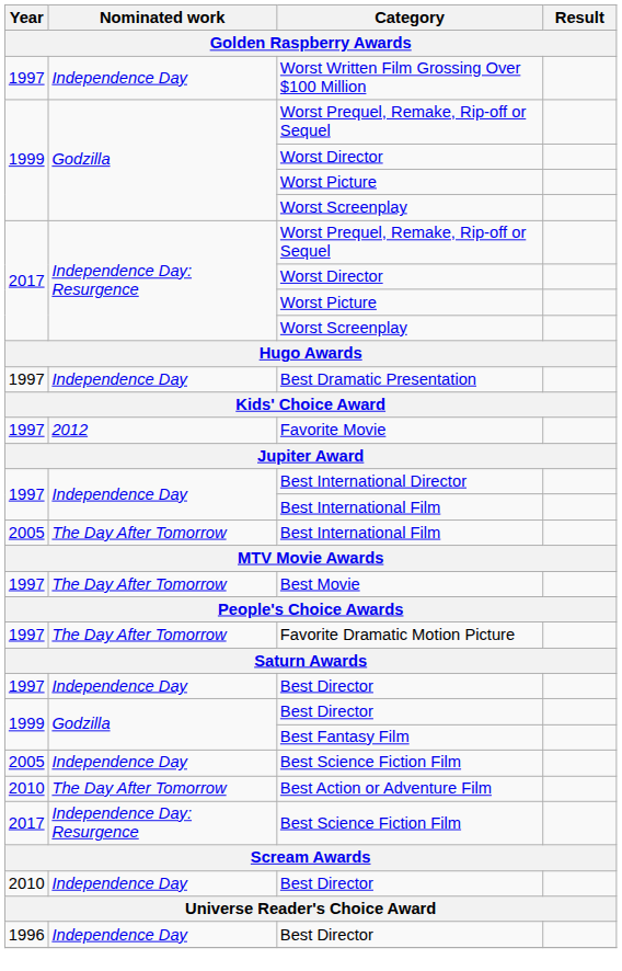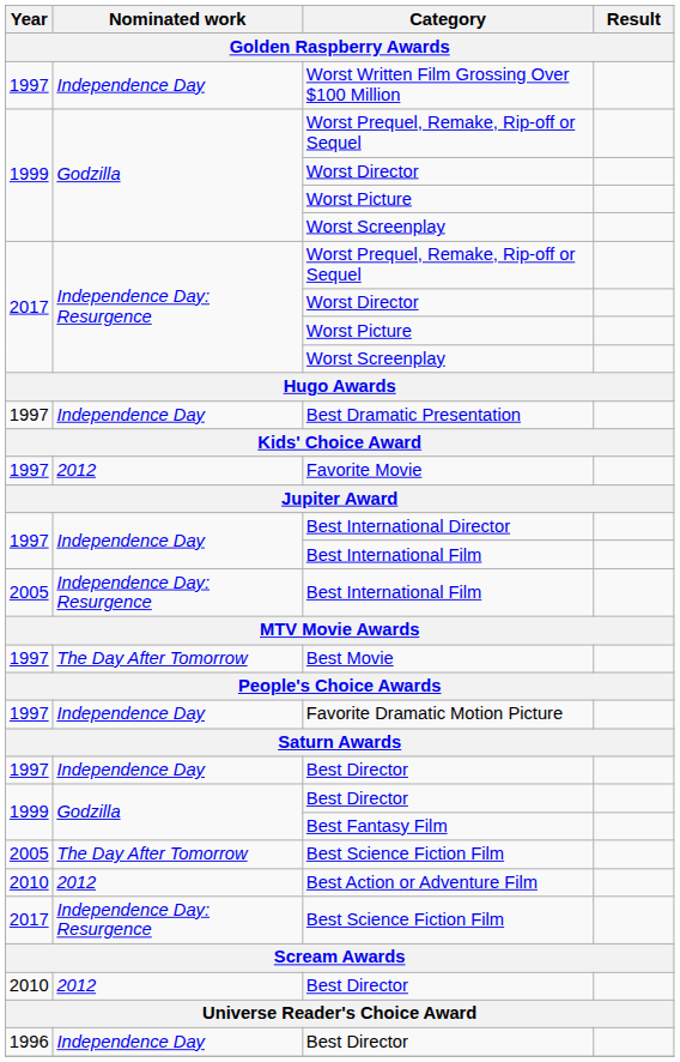 <table class="wikitable">
 <tr>
 <th scope="col" style="width:1em;">Year</th>
 <th scope="col" style="width:20em;">Nominated work</th>
 <th scope="col" style="width:25em;">Category</th>
 <th scope="col" style="width:5em;">Result</th>
 </tr>
 <tr>
 <th scope="col" colspan="6"><a href='#'>Golden Raspberry Awards</a></th>
 </tr>
 <tr>
 <td><a href='#'>1997</a></td>
 <td><em><a href='#'>Independence Day</a></em></td>
 <td><a href='#'>Worst Written Film Grossing Over $100 Million</a></td>
 <td></td>
 </tr>
 <tr>
 <td rowspan="4"><a href='#'>1999</a></td>
 <td rowspan="4"><em><a href='#'>Godzilla</a></em></td>
 <td><a href='#'>Worst Prequel, Remake, Rip-off or Sequel</a></td>
 <td></td>
 </tr>
 <tr>
 <td><a href='#'>Worst Director</a></td>
 <td></td>
 </tr>
 <tr>
 <td><a href='#'>Worst Picture</a></td>
 <td></td>
 </tr>
 <tr>
 <td><a href='#'>Worst Screenplay</a></td>
 <td></td>
 </tr>
 <tr>
 <td rowspan="4"><a href='#'>2017</a></td>
 <td rowspan="4"><em><a href='#'>Independence Day: Resurgence</a></em></td>
 <td><a href='#'>Worst Prequel, Remake, Rip-off or Sequel</a></td>
 <td></td>
 </tr>
 <tr>
 <td><a href='#'>Worst Director</a></td>
 <td></td>
 </tr>
 <tr>
 <td><a href='#'>Worst Picture</a></td>
 <td></td>
 </tr>
 <tr>
 <td><a href='#'>Worst Screenplay</a></td>
 <td></td>
 </tr>
 <tr>
 <th scope="col" colspan="6"><a href='#'>Hugo Awards</a></th>
 </tr>
 <tr>
 <td>1997</td>
 <td><em><a href='#'>Independence Day</a></em></td>
 <td><a href='#'>Best Dramatic Presentation</a></td>
 <td></td>
 </tr>
 <tr>
 <th scope="col" colspan="6"><a href='#'>Kids' Choice Award</a></th>
 </tr>
 <tr>
 <td><a href='#'>1997</a></td>
 <td><em><a href='#'>2012</a></em></td>
 <td><a href='#'>Favorite Movie</a></td>
 <td></td>
 </tr>
 <tr>
 <th scope="col" colspan="6"><a href='#'>Jupiter Award</a></th>
 </tr>
 <tr>
 <td rowspan="2"><a href='#'>1997</a></td>
 <td rowspan="2"><em><a href='#'>Independence Day</a></em></td>
 <td><a href='#'>Best International Director</a></td>
 <td></td>
 </tr>
 <tr>
 <td><a href='#'>Best International Film</a></td>
 <td></td>
 </tr>
 <tr>
 <td><a href='#'>2005</a></td>
-<td><em><a href='#'>The Day After Tomorrow</a></em></td>
+<td><em><a href='#'>Independence Day: Resurgence</a></em></td>
 <td><a href='#'>Best International Film</a></td>
 <td></td>
 </tr>
 <tr>
 <th scope="col" colspan="6"><a href='#'>MTV Movie Awards</a></th>
 </tr>
 <tr>
 <td><a href='#'>1997</a></td>
 <td><em><a href='#'>The Day After Tomorrow</a></em></td>
 <td><a href='#'>Best Movie</a></td>
 <td></td>
 </tr>
 <tr>
 <th scope="col" colspan="6"><a href='#'>People's Choice Awards</a></th>
 </tr>
 <tr>
 <td><a href='#'>1997</a></td>
-<td><em><a href='#'>The Day After Tomorrow</a></em></td>
+<td><em><a href='#'>Independence Day</a></em></td>
 <td>Favorite Dramatic Motion Picture</td>
 <td></td>
 </tr>
 <tr>
 <th scope="col" colspan="6"><a href='#'>Saturn Awards</a></th>
 </tr>
 <tr>
 <td><a href='#'>1997</a></td>
 <td><em><a href='#'>Independence Day</a></em></td>
 <td><a href='#'>Best Director</a></td>
 <td></td>
 </tr>
 <tr>
 <td rowspan="2"><a href='#'>1999</a></td>
 <td rowspan="2"><em><a href='#'>Godzilla</a></em></td>
 <td><a href='#'>Best Director</a></td>
 <td></td>
 </tr>
 <tr>
 <td><a href='#'>Best Fantasy Film</a></td>
 <td></td>
 </tr>
 <tr>
 <td><a href='#'>2005</a></td>
-<td><em><a href='#'>Independence Day</a></em></td>
+<td><em><a href='#'>The Day After Tomorrow</a></em></td>
 <td><a href='#'>Best Science Fiction Film</a></td>
 <td></td>
 </tr>
 <tr>
 <td><a href='#'>2010</a></td>
-<td><em><a href='#'>The Day After Tomorrow</a></em></td>
+<td><em><a href='#'>2012</a></em></td>
 <td><a href='#'>Best Action or Adventure Film</a></td>
 <td></td>
 </tr>
 <tr>
 <td><a href='#'>2017</a></td>
 <td><em><a href='#'>Independence Day: Resurgence</a></em></td>
 <td><a href='#'>Best Science Fiction Film</a></td>
 <td></td>
 </tr>
 <tr>
 <th scope="col" colspan="6"><a href='#'>Scream Awards</a></th>
 </tr>
 <tr>
 <td>2010</td>
-<td><em><a href='#'>Independence Day</a></em></td>
+<td><em><a href='#'>2012</a></em></td>
 <td><a href='#'>Best Director</a></td>
 <td></td>
 </tr>
 <tr>
 <th scope="col" colspan="6">Universe Reader's Choice Award</th>
 </tr>
 <tr>
 <td>1996</td>
 <td><em><a href='#'>Independence Day</a></em></td>
 <td>Best Director</td>
 <td></td>
 </tr>
 <tr>
 </tr>
 </table>
